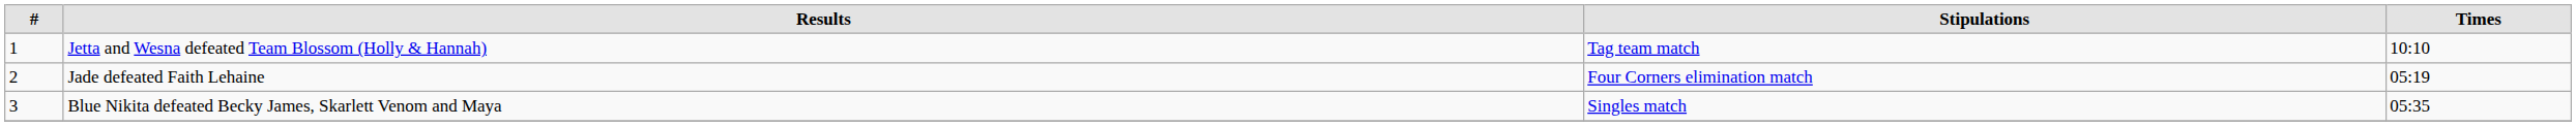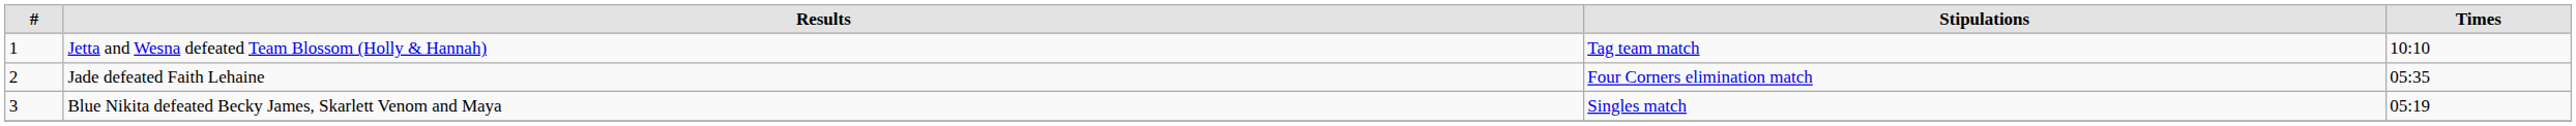 <table style="font-size: 85%; text-align: left;" class="wikitable sortable" width="100%">
 <tr>
 <th style="border-style: none none solid solid; background: #e3e3e3"><strong>#</strong></th>
 <th style="border-style: none none solid solid; background: #e3e3e3"><strong>Results</strong></th>
 <th style="border-style: none none solid solid; background: #e3e3e3"><strong>Stipulations</strong></th>
 <th style="border-style: none none solid solid; background: #e3e3e3"><strong>Times</strong></th>
 </tr>
 <tr>
 <td>1</td>
 <td><a href='#'>Jetta</a> and <a href='#'>Wesna</a> defeated <a href='#'>Team Blossom (Holly & Hannah)</a></td>
 <td><a href='#'>Tag team match</a></td>
 <td>10:10</td>
 </tr>
 <tr>
 <td>2</td>
 <td>Jade defeated Faith Lehaine</td>
 <td><a href='#'>Four Corners elimination match</a></td>
-<td>05:19</td>
+<td>05:35</td>
 </tr>
 <tr>
 <td>3</td>
 <td>Blue Nikita defeated Becky James, Skarlett Venom and Maya</td>
 <td><a href='#'>Singles match</a></td>
-<td>05:35</td>
+<td>05:19</td>
 </tr>
 <tr>
 </tr>
 </table>
